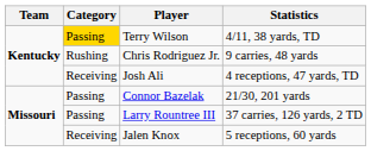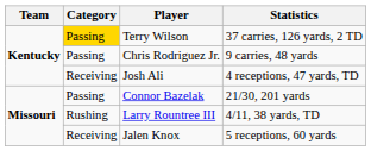 <table class="wikitable" style="float: right;">
 <tr>
 <th>Team</th>
 <th>Category</th>
 <th>Player</th>
 <th>Statistics</th>
 </tr>
 <tr>
 <td rowspan=3><strong>Kentucky</strong></td>
 <td style="background: gold;">Passing</td>
 <td>Terry Wilson</td>
-<td>4/11, 38 yards, TD</td>
+<td>37 carries, 126 yards, 2 TD</td>
 </tr>
 <tr>
-<td>Rushing</td>
+<td>Passing</td>
 <td>Chris Rodriguez Jr.</td>
 <td>9 carries, 48 yards</td>
 </tr>
 <tr>
 <td>Receiving</td>
 <td>Josh Ali</td>
 <td>4 receptions, 47 yards, TD</td>
 </tr>
 <tr>
 <td rowspan=3><strong>Missouri</strong></td>
 <td>Passing</td>
 <td><a href='#'>Connor Bazelak</a></td>
 <td>21/30, 201 yards</td>
 </tr>
 <tr>
-<td>Passing</td>
+<td>Rushing</td>
 <td><a href='#'>Larry Rountree III</a></td>
-<td>37 carries, 126 yards, 2 TD</td>
+<td>4/11, 38 yards, TD</td>
 </tr>
 <tr>
 <td>Receiving</td>
 <td>Jalen Knox</td>
 <td>5 receptions, 60 yards</td>
 </tr>
 </table>
